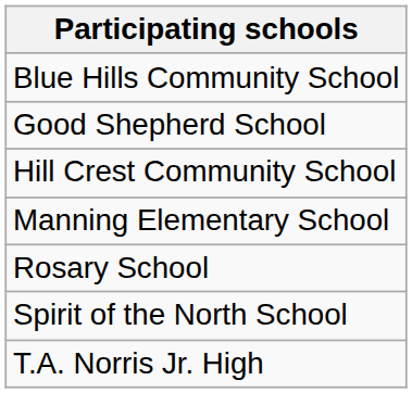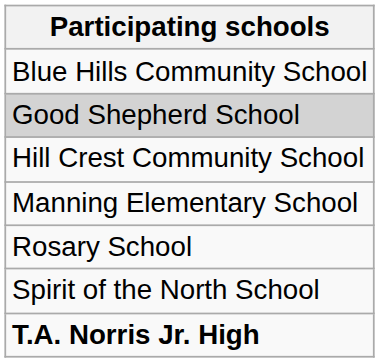 <table class="wikitable" align=right>
 <tr>
 <th>Participating schools</th>
 </tr>
 <tr>
 <td>Blue Hills Community School</td>
 </tr>
 <tr>
-<td>Good Shepherd School</td>
+<td style="background: lightgrey;">Good Shepherd School</td>
 </tr>
 <tr>
 <td>Hill Crest Community School</td>
 </tr>
 <tr>
 <td>Manning Elementary School</td>
 </tr>
 <tr>
 <td>Rosary School</td>
 </tr>
 <tr>
 <td>Spirit of the North School</td>
 </tr>
 <tr>
-<td>T.A. Norris Jr. High</td>
+<td><strong>T.A. Norris Jr. High</strong></td>
 </tr>
 </table>
